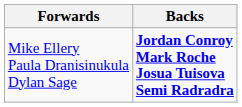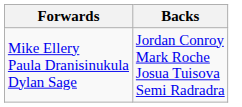 <table class=wikitable style="text-align: left;">
 <tr>
 <th align=center>Forwards</th>
 <th align=center>Backs</th>
 </tr>
 <tr>
 <td> <a href='#'>Mike Ellery</a> <br>  <a href='#'>Paula Dranisinukula</a> <br>  <a href='#'>Dylan Sage</a></td>
-<td><strong> <a href='#'>Jordan Conroy</a> <br>  <a href='#'>Mark Roche</a> <br>  <a href='#'>Josua Tuisova</a> <br>  <a href='#'>Semi Radradra</a></strong></td>
+<td> <a href='#'>Jordan Conroy</a> <br>  <a href='#'>Mark Roche</a> <br>  <a href='#'>Josua Tuisova</a> <br>  <a href='#'>Semi Radradra</a></td>
 </tr>
 </table>
